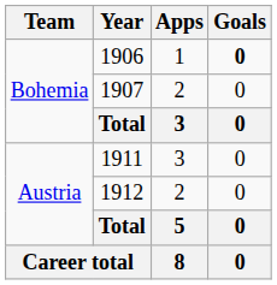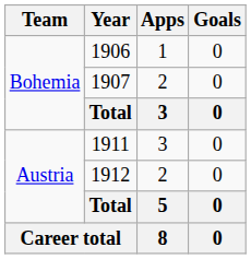 <table class="wikitable" style="text-align:center">
 <tr>
 <th>Team</th>
 <th>Year</th>
 <th>Apps</th>
 <th>Goals</th>
 </tr>
 <tr>
 <td rowspan="3"><a href='#'>Bohemia</a></td>
 <td>1906</td>
 <td>1</td>
-<td><strong>0</strong></td>
+<td>0</td>
 </tr>
 <tr>
 <td>1907</td>
 <td>2</td>
 <td>0</td>
 </tr>
 <tr>
 <th>Total</th>
 <th>3</th>
 <th>0</th>
 </tr>
 <tr>
 <td rowspan="3"><a href='#'>Austria</a></td>
 <td>1911</td>
 <td>3</td>
 <td>0</td>
 </tr>
 <tr>
 <td>1912</td>
 <td>2</td>
 <td>0</td>
 </tr>
 <tr>
 <th>Total</th>
 <th>5</th>
 <th>0</th>
 </tr>
 <tr>
 <th colspan="2">Career total</th>
 <th>8</th>
 <th>0</th>
 </tr>
 </table>
